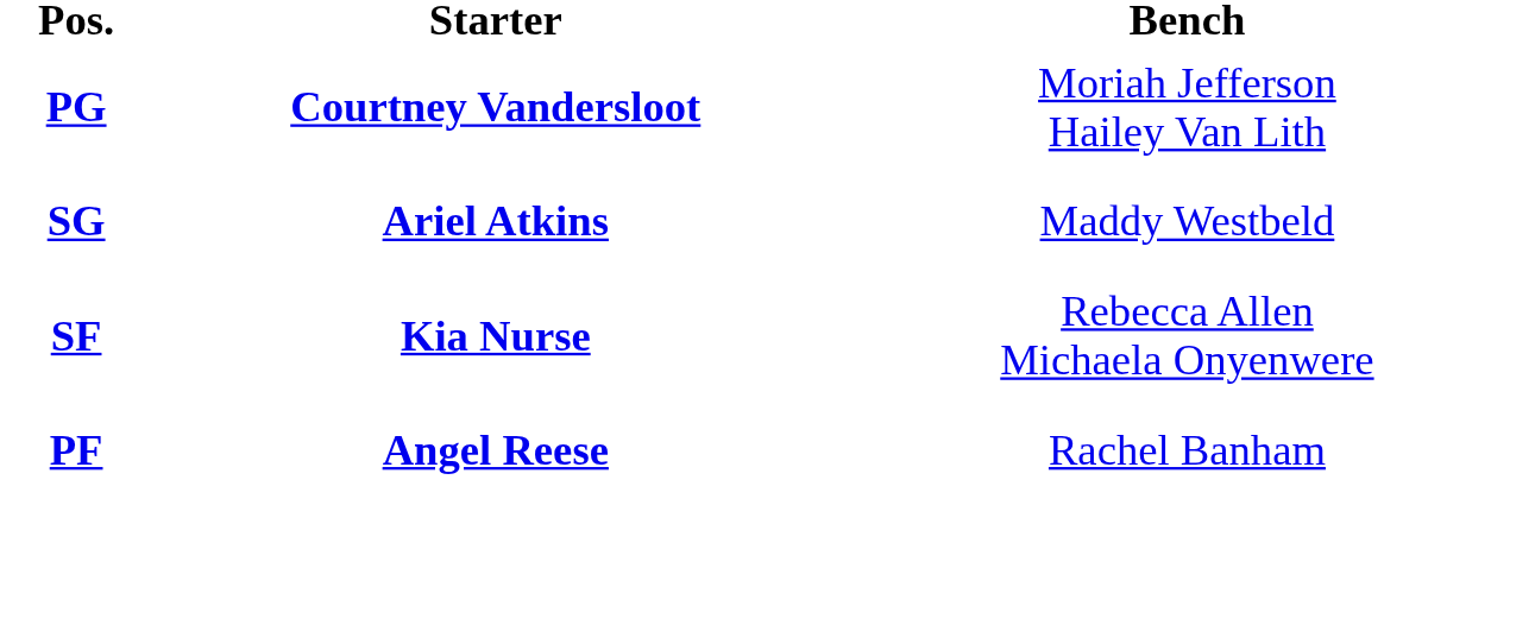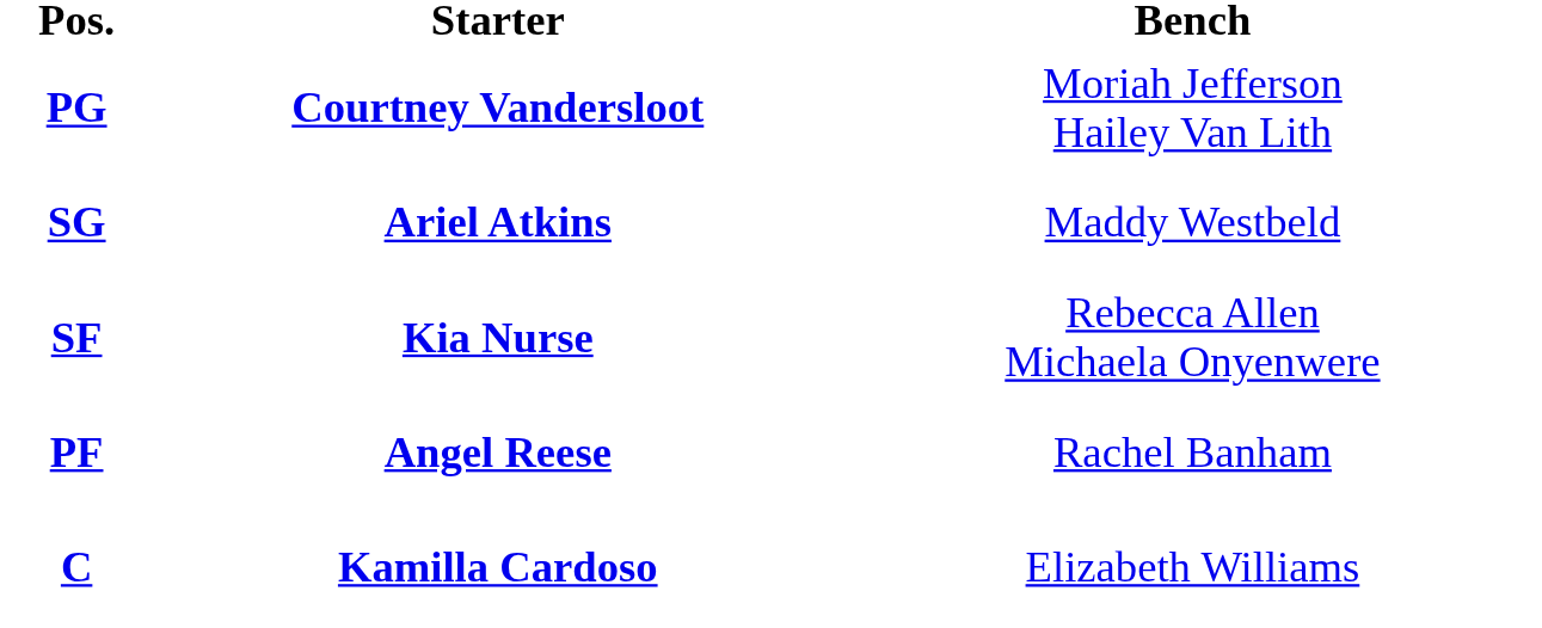 <table style="text-align:center; ">
 <tr>
 <th width="50">Pos.</th>
 <th width="250">Starter</th>
 <th width="250">Bench</th>
 </tr>
 <tr style="height:40px; background:white; color:#092C57">
 <th><a href='#'><span>PG</span></a></th>
 <td><a href='#'><strong>Courtney Vandersloot</strong></a></td>
 <td><a href='#'>Moriah Jefferson</a><br> <a href='#'>Hailey Van Lith</a></td>
 </tr>
 <tr style="height:40px; background:white; color:#092C57">
 <th><a href='#'><span>SG</span></a></th>
 <td><a href='#'><strong>Ariel Atkins</strong></a></td>
 <td><a href='#'>Maddy Westbeld</a></td>
 </tr>
 <tr style="height:40px; background:white; color:#092C57">
 <th><a href='#'><span>SF</span></a></th>
 <td><a href='#'><strong>Kia Nurse</strong></a></td>
 <td><a href='#'>Rebecca Allen</a><br> <a href='#'>Michaela Onyenwere</a></td>
 </tr>
 <tr style="height:40px; background:white; color:#092C57">
 <th><a href='#'><span>PF</span></a></th>
 <td><a href='#'><strong>Angel Reese</strong></a></td>
 <td><a href='#'>Rachel Banham</a></td>
 </tr>
+<tr style="height:40px; background:white; color:#092C57">
+<th><a href='#'><span>C</span></a></th>
+<td><a href='#'><strong>Kamilla Cardoso</strong></a></td>
+<td><a href='#'>Elizabeth Williams</a></td>
+</tr>
 </table>
